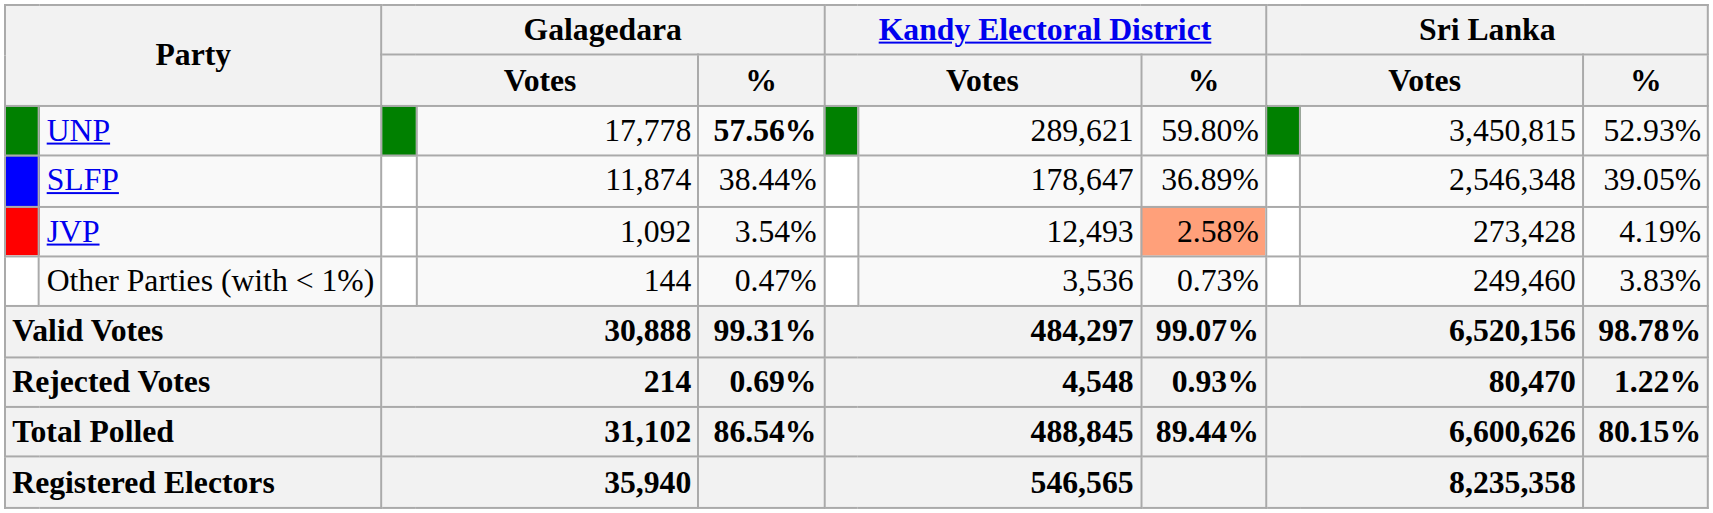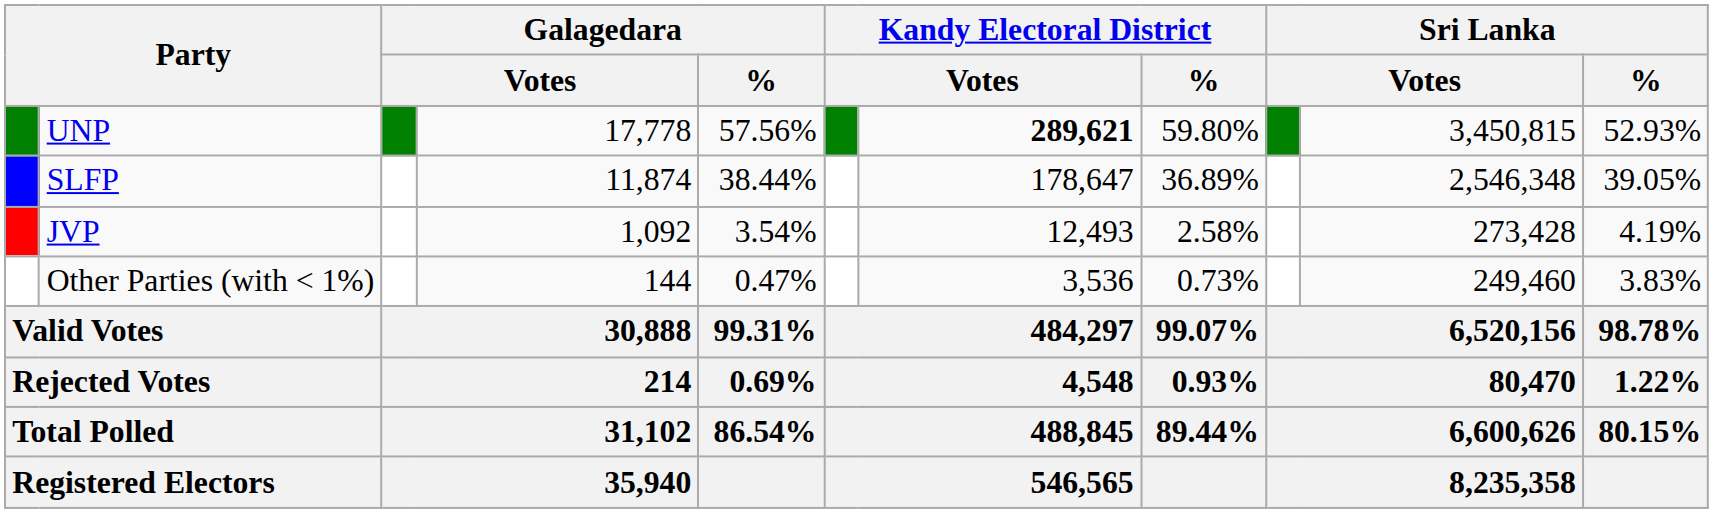 <table class="wikitable">
 <tr>
 <th colspan="2" width="144px"rowspan="2">Party</th>
 <th colspan="3" width="216px">Galagedara</th>
 <th colspan="3" width="216px"><a href='#'>Kandy Electoral District</a></th>
 <th colspan="3" width="216px">Sri Lanka</th>
 </tr>
 <tr>
 <th colspan="2" width="144px">Votes</th>
 <th>%</th>
 <th colspan="2" width="144px">Votes</th>
 <th>%</th>
 <th colspan="2" width="144px">Votes</th>
 <th>%</th>
 </tr>
 <tr>
 <td style="background-color:green;" width="10px"></td>
 <td style="text-align:left;"><a href='#'>UNP</a></td>
 <td style="background-color:green;" width="10px"></td>
 <td style="text-align:right;">17,778</td>
-<td style="text-align:right;"><strong>57.56%</strong></td>
+<td style="text-align:right;">57.56%</td>
 <td style="background-color:green;" width="10px"></td>
-<td style="text-align:right;">289,621</td>
+<td style="text-align:right;"><strong>289,621</strong></td>
 <td style="text-align:right;">59.80%</td>
 <td style="background-color:green;" width="10px"></td>
 <td style="text-align:right;">3,450,815</td>
 <td style="text-align:right;">52.93%</td>
 </tr>
 <tr>
 <td style="background-color:blue;" width="10px"></td>
 <td style="text-align:left;"><a href='#'>SLFP</a></td>
 <td style="background-color:white;" width="10px"></td>
 <td style="text-align:right;">11,874</td>
 <td style="text-align:right;">38.44%</td>
 <td style="background-color:white;" width="10px"></td>
 <td style="text-align:right;">178,647</td>
 <td style="text-align:right;">36.89%</td>
 <td style="background-color:white;" width="10px"></td>
 <td style="text-align:right;">2,546,348</td>
 <td style="text-align:right;">39.05%</td>
 </tr>
 <tr>
 <td style="background-color:red;" width="10px"></td>
 <td style="text-align:left;"><a href='#'>JVP</a></td>
 <td style="background-color:white;" width="10px"></td>
 <td style="text-align:right;">1,092</td>
 <td style="text-align:right;">3.54%</td>
 <td style="background-color:white;" width="10px"></td>
 <td style="text-align:right;">12,493</td>
-<td style="background: lightsalmon; text-align:right;">2.58%</td>
+<td style="text-align:right;">2.58%</td>
 <td style="background-color:white;" width="10px"></td>
 <td style="text-align:right;">273,428</td>
 <td style="text-align:right;">4.19%</td>
 </tr>
 <tr>
 <td style="background-color:white;" width="10px"></td>
 <td style="text-align:left;">Other Parties (with < 1%)</td>
 <td style="background-color:white;" width="10px"></td>
 <td style="text-align:right;">144</td>
 <td style="text-align:right;">0.47%</td>
 <td style="background-color:white;" width="10px"></td>
 <td style="text-align:right;">3,536</td>
 <td style="text-align:right;">0.73%</td>
 <td style="background-color:white;" width="10px"></td>
 <td style="text-align:right;">249,460</td>
 <td style="text-align:right;">3.83%</td>
 </tr>
 <tr>
 <th colspan="2" width="144px"style="text-align:left;">Valid Votes</th>
 <th style="text-align:right;"colspan="2" width="144px">30,888</th>
 <th style="text-align:right;">99.31%</th>
 <th style="text-align:right;"colspan="2" width="144px">484,297</th>
 <th style="text-align:right;">99.07%</th>
 <th style="text-align:right;"colspan="2" width="144px">6,520,156</th>
 <th style="text-align:right;">98.78%</th>
 </tr>
 <tr>
 <th colspan="2" width="144px"style="text-align:left;">Rejected Votes</th>
 <th style="text-align:right;"colspan="2" width="144px">214</th>
 <th style="text-align:right;">0.69%</th>
 <th style="text-align:right;"colspan="2" width="144px">4,548</th>
 <th style="text-align:right;">0.93%</th>
 <th style="text-align:right;"colspan="2" width="144px">80,470</th>
 <th style="text-align:right;">1.22%</th>
 </tr>
 <tr>
 <th colspan="2" width="144px"style="text-align:left;">Total Polled</th>
 <th style="text-align:right;"colspan="2" width="144px">31,102</th>
 <th style="text-align:right;">86.54%</th>
 <th style="text-align:right;"colspan="2" width="144px">488,845</th>
 <th style="text-align:right;">89.44%</th>
 <th style="text-align:right;"colspan="2" width="144px">6,600,626</th>
 <th style="text-align:right;">80.15%</th>
 </tr>
 <tr>
 <th colspan="2" width="144px"style="text-align:left;">Registered Electors</th>
 <th style="text-align:right;"colspan="2" width="144px">35,940</th>
 <th></th>
 <th style="text-align:right;"colspan="2" width="144px">546,565</th>
 <th></th>
 <th style="text-align:right;"colspan="2" width="144px">8,235,358</th>
 <th></th>
 </tr>
 </table>
